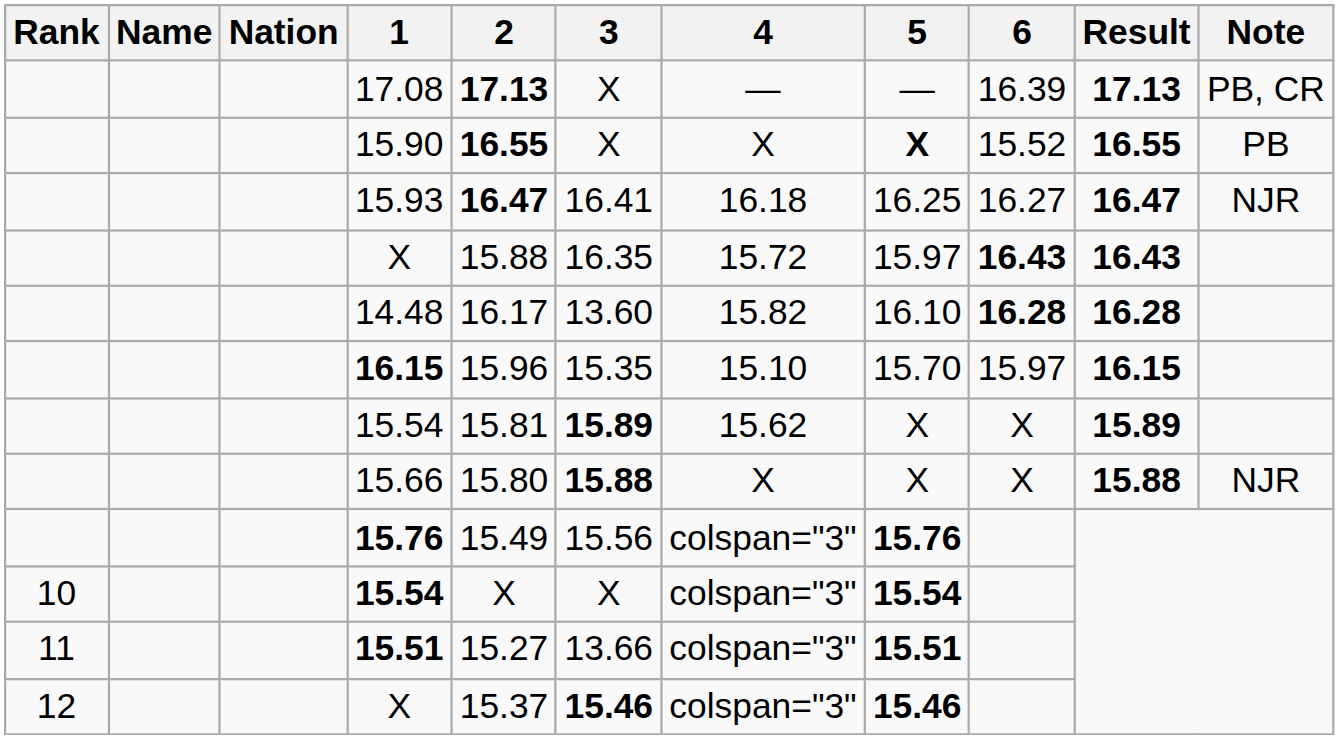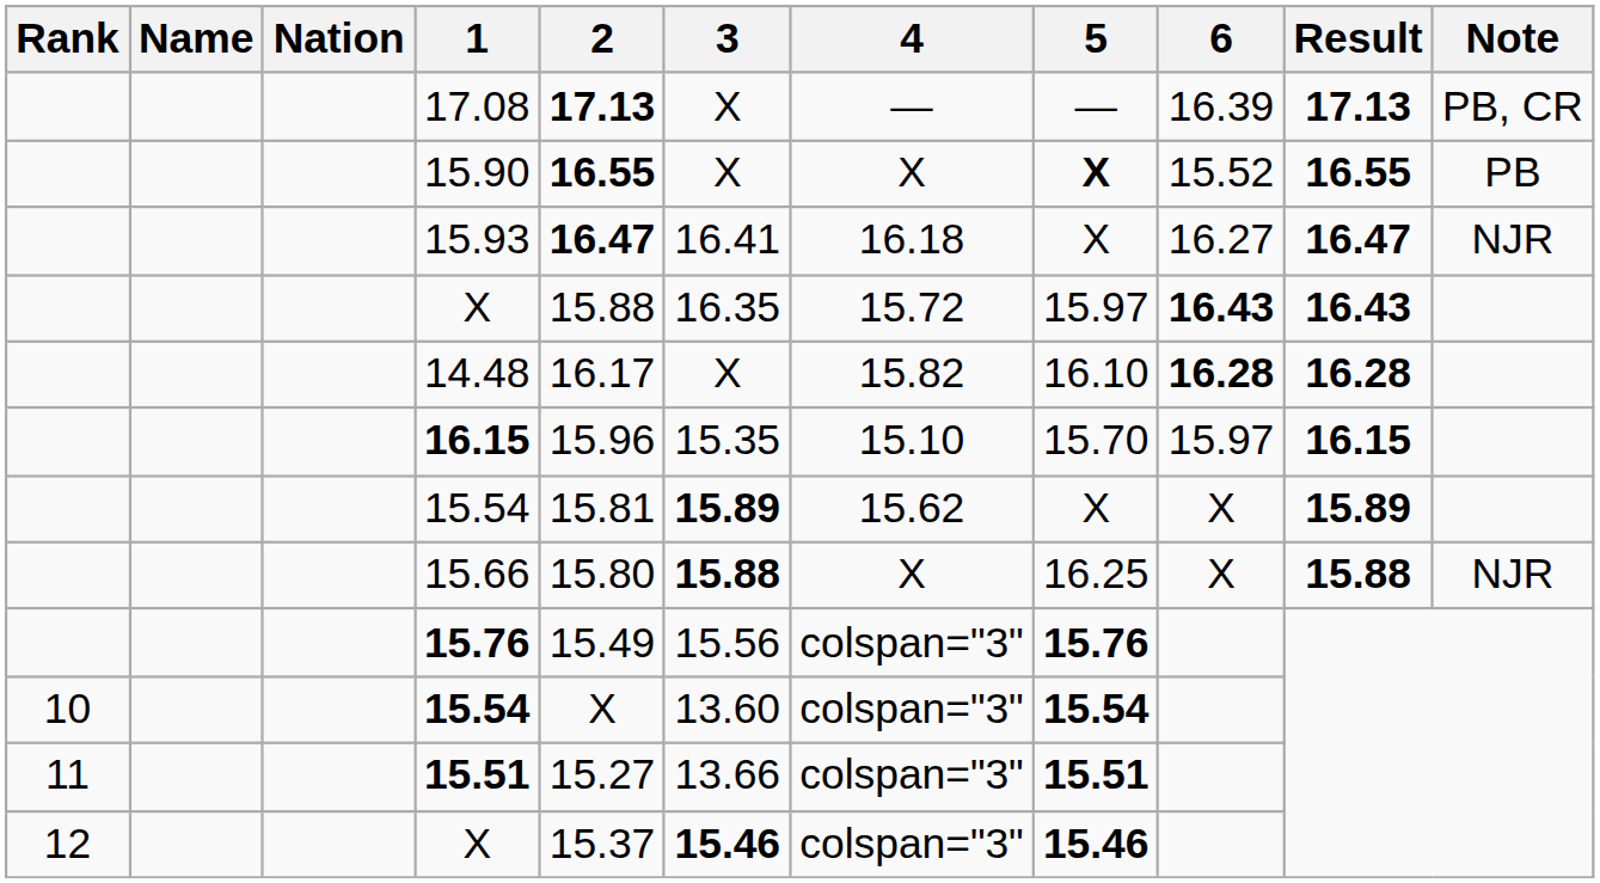 <table class="wikitable sortable" style="text-align:center">
 <tr>
 <th>Rank</th>
 <th>Name</th>
 <th>Nation</th>
 <th>1</th>
 <th>2</th>
 <th>3</th>
 <th>4</th>
 <th>5</th>
 <th>6</th>
 <th>Result</th>
 <th>Note</th>
 </tr>
 <tr>
 <td></td>
 <td align=left></td>
 <td align=left></td>
 <td>17.08</td>
 <td><strong>17.13</strong></td>
 <td>X</td>
 <td>—</td>
 <td>—</td>
 <td>16.39</td>
 <td><strong>17.13</strong></td>
 <td>PB, CR</td>
 </tr>
 <tr>
 <td></td>
 <td align=left></td>
 <td align=left></td>
 <td>15.90</td>
 <td><strong>16.55</strong></td>
 <td>X</td>
 <td>X</td>
 <td><strong>X</strong></td>
 <td>15.52</td>
 <td><strong>16.55</strong></td>
 <td>PB</td>
 </tr>
 <tr>
 <td></td>
 <td align=left></td>
 <td align=left></td>
 <td>15.93</td>
 <td><strong>16.47</strong></td>
 <td>16.41</td>
 <td>16.18</td>
-<td>16.25</td>
+<td>X</td>
 <td>16.27</td>
 <td><strong>16.47</strong></td>
 <td>NJR</td>
 </tr>
 <tr>
 <td></td>
 <td align=left></td>
 <td align=left></td>
 <td>X</td>
 <td>15.88</td>
 <td>16.35</td>
 <td>15.72</td>
 <td>15.97</td>
 <td><strong>16.43</strong></td>
 <td><strong>16.43</strong></td>
 <td></td>
 </tr>
 <tr>
 <td></td>
 <td align=left></td>
 <td align=left></td>
 <td>14.48</td>
 <td>16.17</td>
-<td>13.60</td>
+<td>X</td>
 <td>15.82</td>
 <td>16.10</td>
 <td><strong>16.28</strong></td>
 <td><strong>16.28</strong></td>
 <td></td>
 </tr>
 <tr>
 <td></td>
 <td align=left></td>
 <td align=left></td>
 <td><strong>16.15</strong></td>
 <td>15.96</td>
 <td>15.35</td>
 <td>15.10</td>
 <td>15.70</td>
 <td>15.97</td>
 <td><strong>16.15</strong></td>
 <td></td>
 </tr>
 <tr>
 <td></td>
 <td align=left></td>
 <td align=left></td>
 <td>15.54</td>
 <td>15.81</td>
 <td><strong>15.89</strong></td>
 <td>15.62</td>
 <td>X</td>
 <td>X</td>
 <td><strong>15.89</strong></td>
 <td></td>
 </tr>
 <tr>
 <td></td>
 <td align=left></td>
 <td align=left></td>
 <td>15.66</td>
 <td>15.80</td>
 <td><strong>15.88</strong></td>
 <td>X</td>
-<td>X</td>
+<td>16.25</td>
 <td>X</td>
 <td><strong>15.88</strong></td>
 <td>NJR</td>
 </tr>
 <tr>
 <td></td>
 <td align=left></td>
 <td align=left></td>
 <td><strong>15.76</strong></td>
 <td>15.49</td>
 <td>15.56</td>
 <td>colspan="3" </td>
 <td><strong>15.76</strong></td>
 <td></td>
 </tr>
 <tr>
 <td>10</td>
 <td align=left></td>
 <td align=left></td>
 <td><strong>15.54</strong></td>
 <td>X</td>
-<td>X</td>
+<td>13.60</td>
 <td>colspan="3" </td>
 <td><strong>15.54</strong></td>
 <td></td>
 </tr>
 <tr>
 <td>11</td>
 <td align=left></td>
 <td align=left></td>
 <td><strong>15.51</strong></td>
 <td>15.27</td>
 <td>13.66</td>
 <td>colspan="3" </td>
 <td><strong>15.51</strong></td>
 <td></td>
 </tr>
 <tr>
 <td>12</td>
 <td align=left></td>
 <td align=left></td>
 <td>X</td>
 <td>15.37</td>
 <td><strong>15.46</strong></td>
 <td>colspan="3" </td>
 <td><strong>15.46</strong></td>
 <td></td>
 </tr>
 </table>
